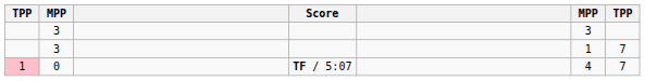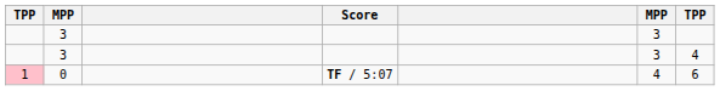 <table class="wikitable" style="text-align: center;" |>
 <tr>
 <th width="35">TPP</th>
 <th width="35">MPP</th>
 <th width="250"></th>
 <th width="75">Score</th>
 <th width="250"></th>
 <th width="35">MPP</th>
 <th width="35">TPP</th>
 </tr>
 <tr>
 <td></td>
 <td>3</td>
 <td style="text-align:left;"></td>
 <td></td>
 <td style="text-align:left;"><strong></strong></td>
 <td>3</td>
 <td></td>
 </tr>
 <tr>
 <td></td>
 <td>3</td>
 <td style="text-align:left;"></td>
 <td></td>
 <td style="text-align:left;"><strong></strong></td>
-<td>1</td>
-<td>7</td>
+<td>3</td>
+<td>4</td>
 </tr>
 <tr>
 <td style="background: pink;">1</td>
 <td>0</td>
 <td style="text-align:left;"><strong></strong></td>
 <td><strong>TF</strong> / 5:07</td>
 <td style="text-align:left;"></td>
 <td>4</td>
-<td>7</td>
+<td>6</td>
 </tr>
 </table>
